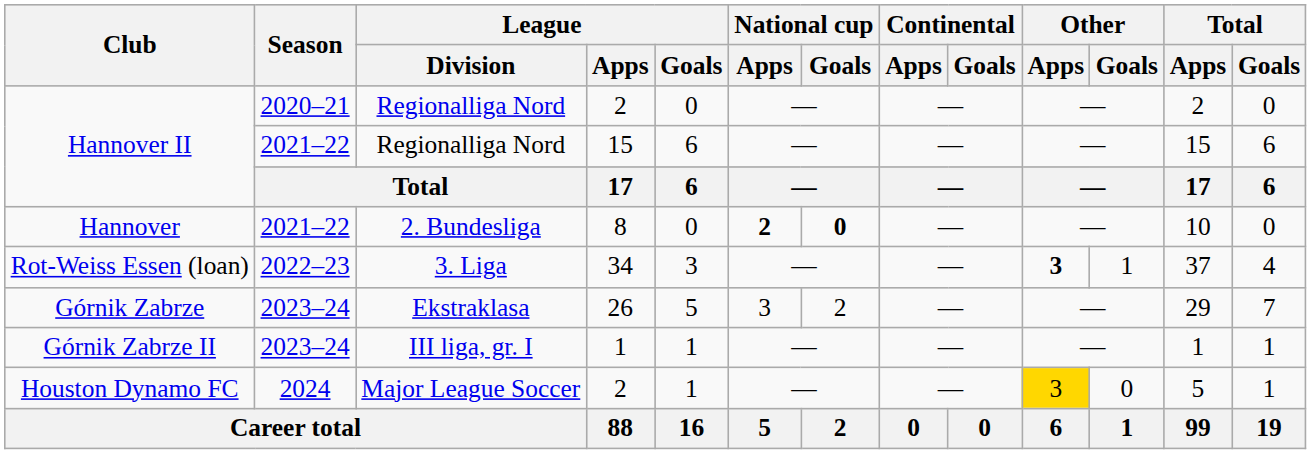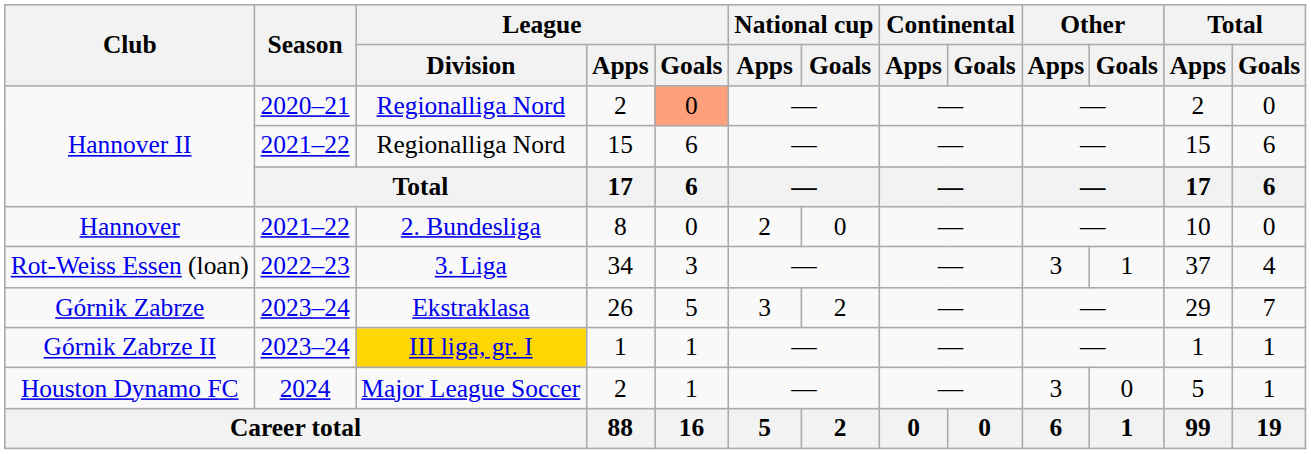 <table class="wikitable" style="text-align: center;">
 <tr>
 <th rowspan=2>Club</th>
 <th rowspan=2>Season</th>
 <th colspan=3>League</th>
 <th colspan=2>National cup</th>
 <th colspan=2>Continental</th>
 <th colspan=2>Other</th>
 <th colspan=2>Total</th>
 </tr>
 <tr>
 <th>Division</th>
 <th>Apps</th>
 <th>Goals</th>
 <th>Apps</th>
 <th>Goals</th>
 <th>Apps</th>
 <th>Goals</th>
 <th>Apps</th>
 <th>Goals</th>
 <th>Apps</th>
 <th>Goals</th>
 </tr>
 <tr>
 <td rowspan="3"><a href='#'>Hannover II</a></td>
 <td><a href='#'>2020–21</a></td>
 <td><a href='#'>Regionalliga Nord</a></td>
 <td>2</td>
-<td>0</td>
+<td style="background: lightsalmon;">0</td>
 <td colspan="2">—</td>
 <td colspan="2">—</td>
 <td colspan="2">—</td>
 <td>2</td>
 <td>0</td>
 </tr>
 <tr>
 <td><a href='#'>2021–22</a></td>
 <td>Regionalliga Nord</td>
 <td>15</td>
 <td>6</td>
 <td colspan="2">—</td>
 <td colspan="2">—</td>
 <td colspan="2">—</td>
 <td>15</td>
 <td>6</td>
 </tr>
 <tr>
 <th colspan="2">Total</th>
 <th>17</th>
 <th>6</th>
 <th colspan="2">—</th>
 <th colspan="2">—</th>
 <th colspan="2">—</th>
 <th>17</th>
 <th>6</th>
 </tr>
 <tr>
 <td><a href='#'>Hannover</a></td>
 <td><a href='#'>2021–22</a></td>
 <td><a href='#'>2. Bundesliga</a></td>
 <td>8</td>
 <td>0</td>
-<td><strong>2</strong></td>
-<td><strong>0</strong></td>
+<td>2</td>
+<td>0</td>
 <td colspan="2">—</td>
 <td colspan="2">—</td>
 <td>10</td>
 <td>0</td>
 </tr>
 <tr>
 <td><a href='#'>Rot-Weiss Essen</a> (loan)</td>
 <td><a href='#'>2022–23</a></td>
 <td><a href='#'>3. Liga</a></td>
 <td>34</td>
 <td>3</td>
 <td colspan="2">—</td>
 <td colspan="2">—</td>
-<td><strong>3</strong></td>
+<td>3</td>
 <td>1</td>
 <td>37</td>
 <td>4</td>
 </tr>
 <tr>
 <td><a href='#'>Górnik Zabrze</a></td>
 <td><a href='#'>2023–24</a></td>
 <td><a href='#'>Ekstraklasa</a></td>
 <td>26</td>
 <td>5</td>
 <td>3</td>
 <td>2</td>
 <td colspan="2">—</td>
 <td colspan="2">—</td>
 <td>29</td>
 <td>7</td>
 </tr>
 <tr>
 <td><a href='#'>Górnik Zabrze II</a></td>
 <td><a href='#'>2023–24</a></td>
-<td><a href='#'>III liga, gr. I</a></td>
+<td style="background: gold;"><a href='#'>III liga, gr. I</a></td>
 <td>1</td>
 <td>1</td>
 <td colspan="2">—</td>
 <td colspan="2">—</td>
 <td colspan="2">—</td>
 <td>1</td>
 <td>1</td>
 </tr>
 <tr>
 <td><a href='#'>Houston Dynamo FC</a></td>
 <td><a href='#'>2024</a></td>
 <td><a href='#'>Major League Soccer</a></td>
 <td>2</td>
 <td>1</td>
 <td colspan="2">—</td>
 <td colspan="2">—</td>
-<td style="background: gold;">3</td>
+<td>3</td>
 <td>0</td>
 <td>5</td>
 <td>1</td>
 </tr>
 <tr>
 <th colspan="3">Career total</th>
 <th>88</th>
 <th>16</th>
 <th>5</th>
 <th>2</th>
 <th>0</th>
 <th>0</th>
 <th>6</th>
 <th>1</th>
 <th>99</th>
 <th>19</th>
 </tr>
 </table>
